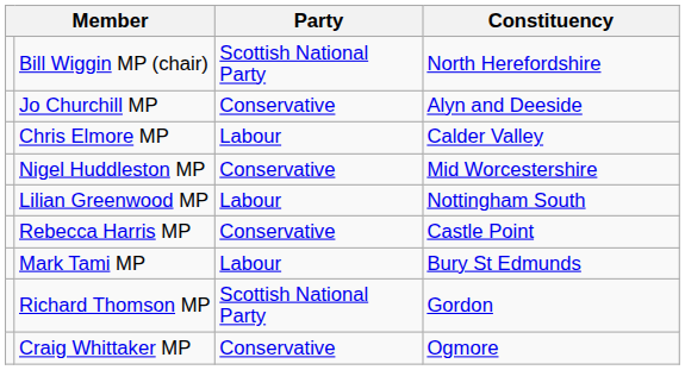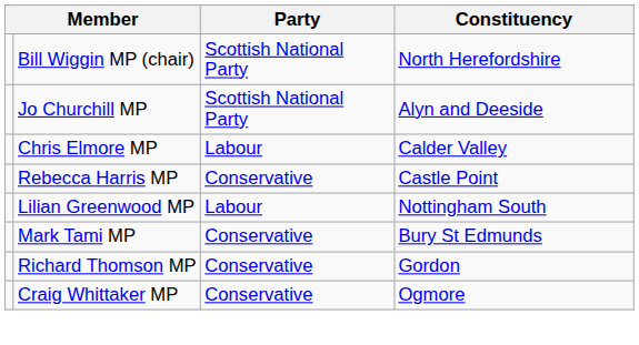 <table class="wikitable">
 <tr>
 <th colspan="2" valign="top" width="160px">Member</th>
 <th valign="top" width="160px">Party</th>
 <th valign="top" width="200px">Constituency</th>
 </tr>
 <tr>
 <td style="color:inherit;background:"></td>
 <td><a href='#'>Bill Wiggin</a> MP (chair)</td>
 <td><a href='#'>Scottish National Party</a></td>
 <td><a href='#'>North Herefordshire</a></td>
 </tr>
 <tr>
 <td style="color:inherit;background:"></td>
 <td><a href='#'>Jo Churchill</a> MP</td>
-<td><a href='#'>Conservative</a></td>
+<td><a href='#'>Scottish National Party</a></td>
 <td><a href='#'>Alyn and Deeside</a></td>
 </tr>
 <tr>
 <td style="color:inherit;background:"></td>
 <td><a href='#'>Chris Elmore</a> MP</td>
 <td><a href='#'>Labour</a></td>
 <td><a href='#'>Calder Valley</a></td>
 </tr>
 <tr>
 <td style="color:inherit;background:"></td>
-<td><a href='#'>Nigel Huddleston</a> MP</td>
+<td><a href='#'>Rebecca Harris</a> MP</td>
 <td><a href='#'>Conservative</a></td>
-<td><a href='#'>Mid Worcestershire</a></td>
+<td><a href='#'>Castle Point</a></td>
 </tr>
 <tr>
 <td style="color:inherit;background:"></td>
 <td><a href='#'>Lilian Greenwood</a> MP</td>
 <td><a href='#'>Labour</a></td>
 <td><a href='#'>Nottingham South</a></td>
 </tr>
 <tr>
 <td style="color:inherit;background:"></td>
-<td><a href='#'>Rebecca Harris</a> MP</td>
+<td><a href='#'>Mark Tami</a> MP</td>
 <td><a href='#'>Conservative</a></td>
-<td><a href='#'>Castle Point</a></td>
-</tr>
-<tr>
-<td style="color:inherit;background:"></td>
-<td><a href='#'>Mark Tami</a> MP</td>
-<td><a href='#'>Labour</a></td>
 <td><a href='#'>Bury St Edmunds</a></td>
 </tr>
 <tr>
 <td style="color:inherit;background:"></td>
 <td><a href='#'>Richard Thomson</a> MP</td>
-<td><a href='#'>Scottish National Party</a></td>
+<td><a href='#'>Conservative</a></td>
 <td><a href='#'>Gordon</a></td>
 </tr>
 <tr>
 <td style="color:inherit;background:"></td>
 <td><a href='#'>Craig Whittaker</a> MP</td>
 <td><a href='#'>Conservative</a></td>
 <td><a href='#'>Ogmore</a></td>
 </tr>
 </table>
